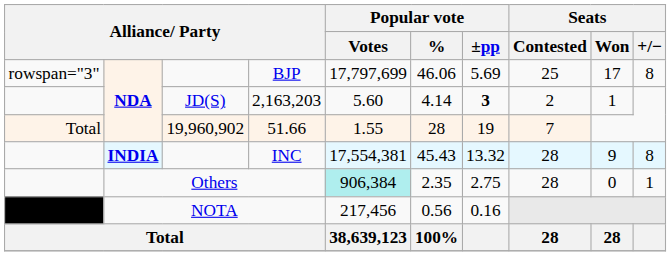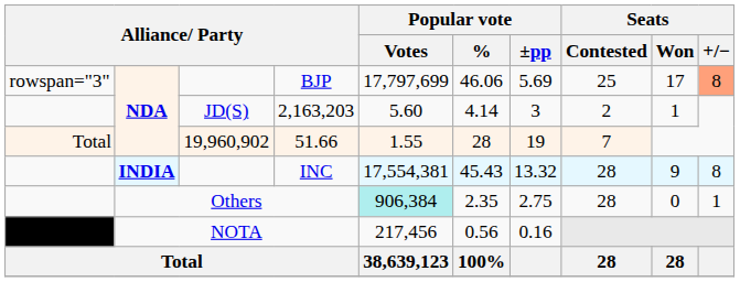 <table class="wikitable sortable" style="text-align:center;">
 <tr>
 <th colspan="4" rowspan="2">Alliance/ Party</th>
 <th colspan="3">Popular vote</th>
 <th colspan="3">Seats</th>
 </tr>
 <tr>
 <th>Votes</th>
 <th>%</th>
 <th>±<a href='#'>pp</a></th>
 <th>Contested</th>
 <th>Won</th>
 <th><strong>+/−</strong></th>
 </tr>
 <tr>
 <td>rowspan="3" </td>
 <th rowspan="3"style="background:#fef3e8"><a href='#'>NDA</a></th>
 <td></td>
 <td><a href='#'>BJP</a></td>
 <td>17,797,699</td>
 <td>46.06</td>
 <td> 5.69</td>
 <td>25</td>
 <td>17</td>
-<td> 8</td>
+<td style="background: lightsalmon;"> 8</td>
 </tr>
 <tr>
 <td></td>
 <td><a href='#'>JD(S)</a></td>
 <td>2,163,203</td>
 <td>5.60</td>
 <td> 4.14</td>
-<td><strong>3</strong></td>
+<td>3</td>
 <td>2</td>
 <td> 1</td>
 </tr>
 <tr>
 <td colspan="2"style="background:#fef3e8">Total</td>
 <td style="background:#fef3e8">19,960,902</td>
 <td style="background:#fef3e8">51.66</td>
 <td style="background:#fef3e8"> 1.55</td>
 <td style="background:#fef3e8">28</td>
 <td style="background:#fef3e8">19</td>
 <td style="background:#fef3e8"> 7</td>
 </tr>
 <tr>
 <td></td>
 <th style="background:#E5F8FF"><a href='#'>INDIA</a></th>
 <td></td>
 <td><a href='#'>INC</a></td>
 <td style="background:#E5F8FF">17,554,381</td>
 <td style="background:#E5F8FF">45.43</td>
 <td style="background:#E5F8FF"> 13.32</td>
 <td style="background:#E5F8FF">28</td>
 <td style="background:#E5F8FF">9</td>
 <td style="background:#E5F8FF"> 8</td>
 </tr>
 <tr>
 <td></td>
 <td colspan="3"><a href='#'>Others</a></td>
 <td style="background: paleturquoise;">906,384</td>
 <td>2.35</td>
 <td> 2.75</td>
 <td>28</td>
 <td>0</td>
 <td> 1</td>
 </tr>
 <tr>
 <td bgcolor="Black"></td>
 <td colspan="3"><a href='#'>NOTA</a></td>
 <td>217,456</td>
 <td>0.56</td>
 <td> 0.16</td>
 <th colspan="3" style="background-color:#E9E9E9"></th>
 </tr>
 <tr>
 <th colspan="4">Total</th>
 <th>38,639,123</th>
 <th>100%</th>
 <th></th>
 <th>28</th>
 <th>28</th>
 <th></th>
 </tr>
 <tr>
 </tr>
 </table>
